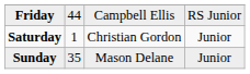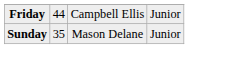 <table class="wikitable non-sortable">
 <tr>
 </tr>
 <tr style="background:#eeeeee;text-align:center;">
 <td><strong>Friday</strong></td>
 <td>44</td>
 <td>Campbell Ellis</td>
-<td>RS Junior</td>
-</tr>
-<tr style="text-align:center;">
-<td><strong>Saturday</strong></td>
-<td>1</td>
-<td>Christian Gordon</td>
 <td>Junior</td>
 </tr>
 <tr style="background:#eeeeee;text-align:center;">
 <td><strong>Sunday</strong></td>
 <td>35</td>
 <td>Mason Delane</td>
 <td>Junior</td>
 </tr>
 </table>
